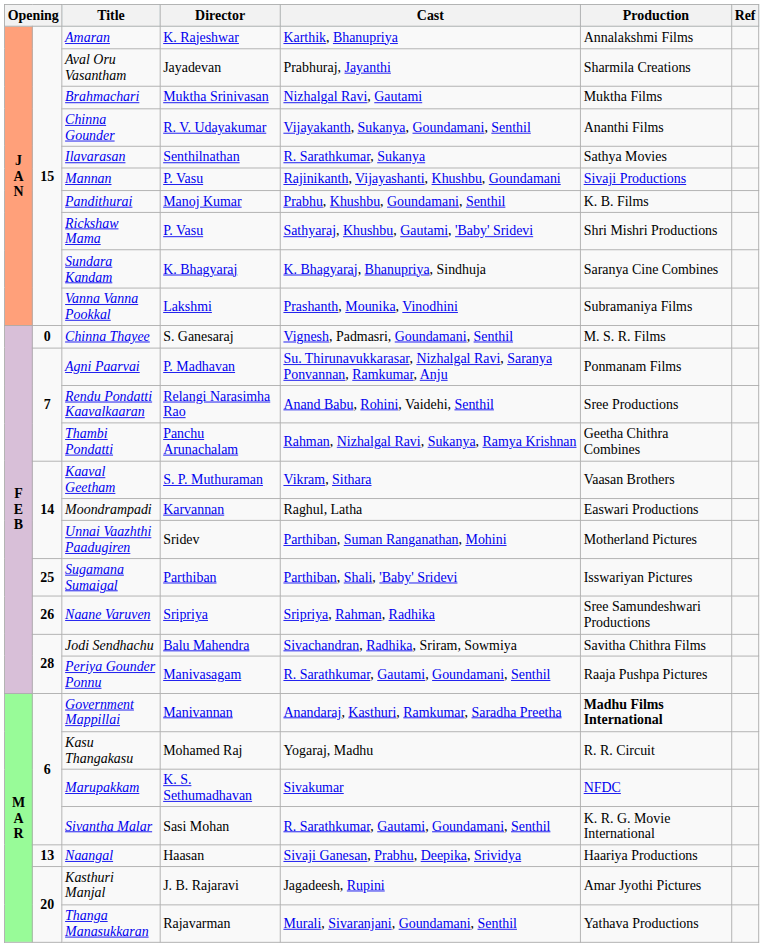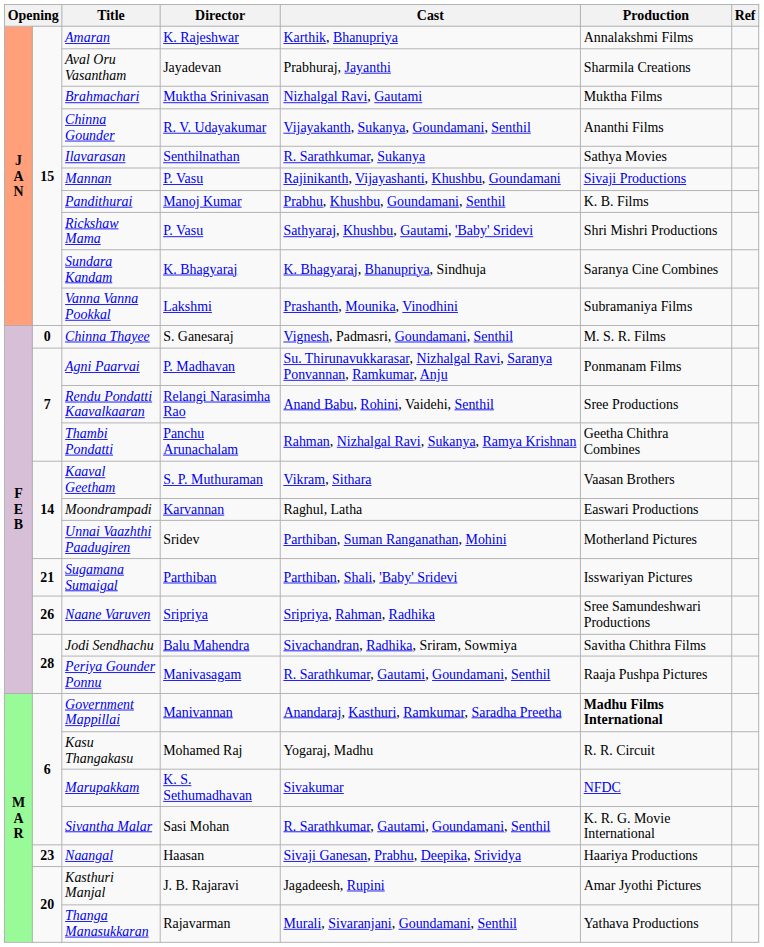 <table class="wikitable">
 <tr style="background:#b0e0e6; text-align:center;">
 <th colspan="2">Opening</th>
 <th style="width:13%;">Title</th>
 <th>Director</th>
 <th>Cast</th>
 <th>Production</th>
 <th>Ref</th>
 </tr>
 <tr January!>
 <td rowspan="10"   style="text-align:center; background:#ffa07a; textcolor:#000;"><strong>J<br>A<br>N</strong></td>
 <td rowspan="10" style="text-align:center;"><strong>15</strong></td>
 <td><em><a href='#'>Amaran</a></em></td>
 <td><a href='#'>K. Rajeshwar</a></td>
 <td><a href='#'>Karthik</a>, <a href='#'>Bhanupriya</a></td>
 <td>Annalakshmi Films</td>
 <td></td>
 </tr>
 <tr>
 <td><em>Aval Oru Vasantham</em></td>
 <td>Jayadevan</td>
 <td>Prabhuraj, <a href='#'>Jayanthi</a></td>
 <td>Sharmila Creations</td>
 <td></td>
 </tr>
 <tr>
 <td><em><a href='#'>Brahmachari</a></em></td>
 <td><a href='#'>Muktha Srinivasan</a></td>
 <td><a href='#'>Nizhalgal Ravi</a>, <a href='#'>Gautami</a></td>
 <td>Muktha Films</td>
 <td></td>
 </tr>
 <tr>
 <td><em><a href='#'>Chinna Gounder</a></em></td>
 <td><a href='#'>R. V. Udayakumar</a></td>
 <td><a href='#'>Vijayakanth</a>, <a href='#'>Sukanya</a>, <a href='#'>Goundamani</a>, <a href='#'>Senthil</a></td>
 <td>Ananthi Films</td>
 <td></td>
 </tr>
 <tr>
 <td><em><a href='#'>Ilavarasan</a></em></td>
 <td><a href='#'>Senthilnathan</a></td>
 <td><a href='#'>R. Sarathkumar</a>, <a href='#'>Sukanya</a></td>
 <td>Sathya Movies</td>
 <td></td>
 </tr>
 <tr>
 <td><em><a href='#'>Mannan</a></em></td>
 <td><a href='#'>P. Vasu</a></td>
 <td><a href='#'>Rajinikanth</a>, <a href='#'>Vijayashanti</a>, <a href='#'>Khushbu</a>, <a href='#'>Goundamani</a></td>
 <td><a href='#'>Sivaji Productions</a></td>
 <td></td>
 </tr>
 <tr>
 <td><em><a href='#'>Pandithurai</a></em></td>
 <td><a href='#'>Manoj Kumar</a></td>
 <td><a href='#'>Prabhu</a>, <a href='#'>Khushbu</a>, <a href='#'>Goundamani</a>, <a href='#'>Senthil</a></td>
 <td>K. B. Films</td>
 <td></td>
 </tr>
 <tr>
 <td><em><a href='#'>Rickshaw Mama</a></em></td>
 <td><a href='#'>P. Vasu</a></td>
 <td><a href='#'>Sathyaraj</a>, <a href='#'>Khushbu</a>, <a href='#'>Gautami</a>, <a href='#'>'Baby' Sridevi</a></td>
 <td>Shri Mishri Productions</td>
 <td></td>
 </tr>
 <tr>
 <td><em><a href='#'>Sundara Kandam</a></em></td>
 <td><a href='#'>K. Bhagyaraj</a></td>
 <td><a href='#'>K. Bhagyaraj</a>, <a href='#'>Bhanupriya</a>, Sindhuja</td>
 <td>Saranya Cine Combines</td>
 <td></td>
 </tr>
 <tr>
 <td><em><a href='#'>Vanna Vanna Pookkal</a></em></td>
 <td><a href='#'>Lakshmi</a></td>
 <td><a href='#'>Prashanth</a>, <a href='#'>Mounika</a>, <a href='#'>Vinodhini</a></td>
 <td>Subramaniya Films</td>
 <td></td>
 </tr>
 <tr February!>
 <td rowspan="11"   style="text-align:center; background:thistle; textcolor:#000;"><strong>F<br>E<br>B</strong></td>
 <td style="text-align:center;"><strong>0</strong></td>
 <td><em><a href='#'>Chinna Thayee</a></em></td>
 <td>S. Ganesaraj</td>
 <td><a href='#'>Vignesh</a>, Padmasri, <a href='#'>Goundamani</a>, <a href='#'>Senthil</a></td>
 <td>M. S. R. Films</td>
 <td></td>
 </tr>
 <tr>
 <td rowspan="3" style="text-align:center;"><strong>7</strong></td>
 <td><em><a href='#'>Agni Paarvai</a></em></td>
 <td><a href='#'>P. Madhavan</a></td>
 <td><a href='#'>Su. Thirunavukkarasar</a>, <a href='#'>Nizhalgal Ravi</a>, <a href='#'>Saranya Ponvannan</a>, <a href='#'>Ramkumar</a>,  <a href='#'>Anju</a></td>
 <td>Ponmanam Films</td>
 <td></td>
 </tr>
 <tr>
 <td><em><a href='#'>Rendu Pondatti Kaavalkaaran</a></em></td>
 <td><a href='#'>Relangi Narasimha Rao</a></td>
 <td><a href='#'>Anand Babu</a>, <a href='#'>Rohini</a>, Vaidehi, <a href='#'>Senthil</a></td>
 <td>Sree Productions</td>
 <td></td>
 </tr>
 <tr>
 <td><em><a href='#'>Thambi Pondatti</a></em></td>
 <td><a href='#'>Panchu Arunachalam</a></td>
 <td><a href='#'>Rahman</a>, <a href='#'>Nizhalgal Ravi</a>, <a href='#'>Sukanya</a>, <a href='#'>Ramya Krishnan</a></td>
 <td>Geetha Chithra Combines</td>
 <td></td>
 </tr>
 <tr>
 <td rowspan="3" style="text-align:center;"><strong>14</strong></td>
 <td><em><a href='#'>Kaaval Geetham</a></em></td>
 <td><a href='#'>S. P. Muthuraman</a></td>
 <td><a href='#'>Vikram</a>, <a href='#'>Sithara</a></td>
 <td>Vaasan Brothers</td>
 <td></td>
 </tr>
 <tr>
 <td><em>Moondrampadi</em></td>
 <td><a href='#'>Karvannan</a></td>
 <td>Raghul, Latha</td>
 <td>Easwari Productions</td>
 <td></td>
 </tr>
 <tr>
 <td><em><a href='#'>Unnai Vaazhthi Paadugiren</a></em></td>
 <td>Sridev</td>
 <td><a href='#'>Parthiban</a>, <a href='#'>Suman Ranganathan</a>, <a href='#'>Mohini</a></td>
 <td>Motherland Pictures</td>
 <td></td>
 </tr>
 <tr>
-<td style="text-align:center;"><strong>25</strong></td>
+<td style="text-align:center;"><strong>21</strong></td>
 <td><em><a href='#'>Sugamana Sumaigal</a></em></td>
 <td><a href='#'>Parthiban</a></td>
 <td><a href='#'>Parthiban</a>, <a href='#'>Shali</a>, <a href='#'>'Baby' Sridevi</a></td>
 <td>Isswariyan Pictures</td>
 <td></td>
 </tr>
 <tr>
 <td style="text-align:center;"><strong>26</strong></td>
 <td><em><a href='#'>Naane Varuven</a></em></td>
 <td><a href='#'>Sripriya</a></td>
 <td><a href='#'>Sripriya</a>, <a href='#'>Rahman</a>, <a href='#'>Radhika</a></td>
 <td>Sree Samundeshwari Productions</td>
 <td></td>
 </tr>
 <tr>
 <td rowspan="2" style="text-align:center;"><strong>28</strong></td>
 <td><em>Jodi Sendhachu</em></td>
 <td><a href='#'>Balu Mahendra</a></td>
 <td><a href='#'>Sivachandran</a>, <a href='#'>Radhika</a>, Sriram, Sowmiya</td>
 <td>Savitha Chithra Films</td>
 <td></td>
 </tr>
 <tr>
 <td><em><a href='#'>Periya Gounder Ponnu</a></em></td>
 <td><a href='#'>Manivasagam</a></td>
 <td><a href='#'>R. Sarathkumar</a>, <a href='#'>Gautami</a>, <a href='#'>Goundamani</a>, <a href='#'>Senthil</a></td>
 <td>Raaja Pushpa Pictures</td>
 <td></td>
 </tr>
 <tr>
 <td rowspan="7"   style="text-align:center; background:#98fb98; textcolor:#000;"><strong>M<br>A<br>R</strong></td>
 <td rowspan="4" style="text-align:center;"><strong>6</strong></td>
 <td><em><a href='#'>Government Mappillai</a></em></td>
 <td><a href='#'>Manivannan</a></td>
 <td><a href='#'>Anandaraj</a>, <a href='#'>Kasthuri</a>, <a href='#'>Ramkumar</a>, <a href='#'>Saradha Preetha</a></td>
 <td><strong>Madhu Films International</strong></td>
 <td></td>
 </tr>
 <tr>
 <td><em>Kasu Thangakasu</em></td>
 <td>Mohamed Raj</td>
 <td>Yogaraj, Madhu</td>
 <td>R. R. Circuit</td>
 <td></td>
 </tr>
 <tr>
 <td><em><a href='#'>Marupakkam</a></em></td>
 <td><a href='#'>K. S. Sethumadhavan</a></td>
 <td><a href='#'>Sivakumar</a></td>
 <td><a href='#'>NFDC</a></td>
 <td></td>
 </tr>
 <tr>
 <td><em><a href='#'>Sivantha Malar</a></em></td>
 <td>Sasi Mohan</td>
 <td><a href='#'>R. Sarathkumar</a>, <a href='#'>Gautami</a>, <a href='#'>Goundamani</a>, <a href='#'>Senthil</a></td>
 <td>K. R. G. Movie International</td>
 <td></td>
 </tr>
 <tr>
-<td style="text-align:center;"><strong>13</strong></td>
+<td style="text-align:center;"><strong>23</strong></td>
 <td><em><a href='#'>Naangal</a></em></td>
 <td>Haasan</td>
 <td><a href='#'>Sivaji Ganesan</a>, <a href='#'>Prabhu</a>, <a href='#'>Deepika</a>, <a href='#'>Srividya</a></td>
 <td>Haariya Productions</td>
 <td></td>
 </tr>
 <tr>
 <td rowspan="2" style="text-align:center;"><strong>20</strong></td>
 <td><em>Kasthuri Manjal</em></td>
 <td>J. B. Rajaravi</td>
 <td>Jagadeesh, <a href='#'>Rupini</a></td>
 <td>Amar Jyothi Pictures</td>
 <td></td>
 </tr>
 <tr>
 <td><em><a href='#'>Thanga Manasukkaran</a></em></td>
 <td>Rajavarman</td>
 <td><a href='#'>Murali</a>, <a href='#'>Sivaranjani</a>, <a href='#'>Goundamani</a>, <a href='#'>Senthil</a></td>
 <td>Yathava Productions</td>
 <td></td>
 </tr>
 </table>
